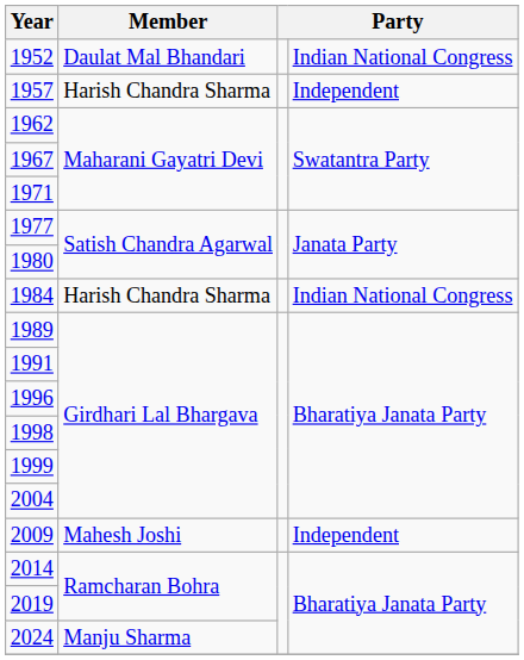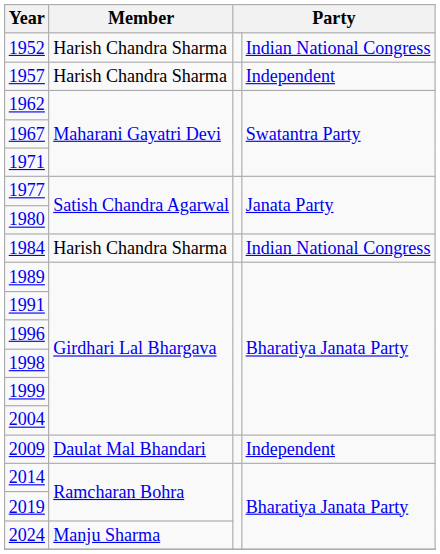 <table class="wikitable">
 <tr>
 <th>Year</th>
 <th>Member</th>
 <th colspan="2">Party</th>
 </tr>
 <tr>
 <td><a href='#'>1952</a></td>
-<td><a href='#'>Daulat Mal Bhandari</a></td>
+<td>Harish Chandra Sharma</td>
 <td style="background-color: "></td>
 <td><a href='#'>Indian National Congress</a></td>
 </tr>
 <tr>
 <td><a href='#'>1957</a></td>
 <td>Harish Chandra Sharma</td>
 <td style="background-color: "></td>
 <td><a href='#'>Independent</a></td>
 </tr>
 <tr>
 <td><a href='#'>1962</a></td>
 <td rowspan="3"><a href='#'>Maharani Gayatri Devi</a></td>
 <td rowspan="3" style="background-color: "></td>
 <td rowspan="3"><a href='#'>Swatantra Party</a></td>
 </tr>
 <tr>
 <td><a href='#'>1967</a></td>
 </tr>
 <tr>
 <td><a href='#'>1971</a></td>
 </tr>
 <tr>
 <td><a href='#'>1977</a></td>
 <td rowspan="2"><a href='#'>Satish Chandra Agarwal</a></td>
 <td rowspan="2" style="background-color: "></td>
 <td rowspan="2"><a href='#'>Janata Party</a></td>
 </tr>
 <tr>
 <td><a href='#'>1980</a></td>
 </tr>
 <tr>
 <td><a href='#'>1984</a></td>
 <td>Harish Chandra Sharma</td>
 <td style="background-color: "></td>
 <td><a href='#'>Indian National Congress</a></td>
 </tr>
 <tr>
 <td><a href='#'>1989</a></td>
 <td rowspan="6"><a href='#'>Girdhari Lal Bhargava</a></td>
 <td rowspan="6" style="background-color: "></td>
 <td rowspan="6"><a href='#'>Bharatiya Janata Party</a></td>
 </tr>
 <tr>
 <td><a href='#'>1991</a></td>
 </tr>
 <tr>
 <td><a href='#'>1996</a></td>
 </tr>
 <tr>
 <td><a href='#'>1998</a></td>
 </tr>
 <tr>
 <td><a href='#'>1999</a></td>
 </tr>
 <tr>
 <td><a href='#'>2004</a></td>
 </tr>
 <tr>
 <td><a href='#'>2009</a></td>
-<td><a href='#'>Mahesh Joshi</a></td>
+<td><a href='#'>Daulat Mal Bhandari</a></td>
 <td style="background-color: "></td>
 <td><a href='#'>Independent</a></td>
 </tr>
 <tr>
 <td><a href='#'>2014</a></td>
 <td rowspan="2"><a href='#'>Ramcharan Bohra</a></td>
 <td rowspan="3" style="background-color: "></td>
 <td rowspan="3"><a href='#'>Bharatiya Janata Party</a></td>
 </tr>
 <tr>
 <td><a href='#'>2019</a></td>
 </tr>
 <tr>
 <td><a href='#'>2024</a></td>
 <td><a href='#'>Manju Sharma</a></td>
 </tr>
 <tr>
 </tr>
 </table>
